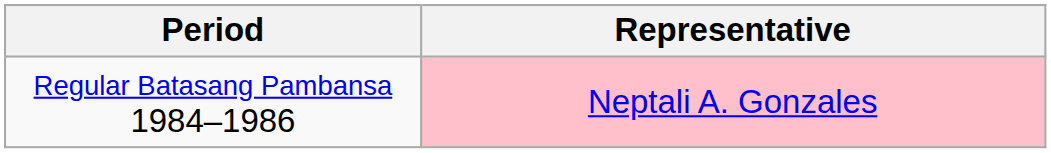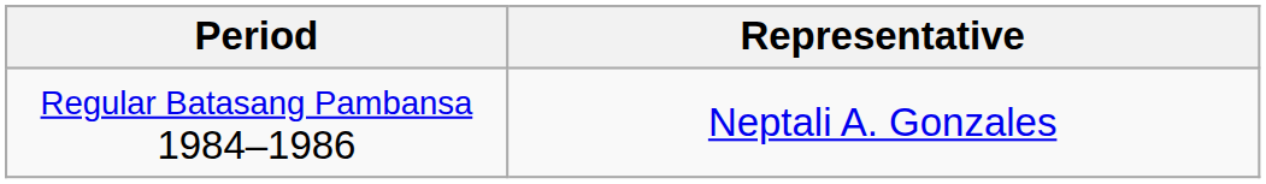 <table class="wikitable" style="text-align:center; width:40%;">
 <tr>
 <th width=40%>Period</th>
 <th>Representative</th>
 </tr>
 <tr>
 <td><small><a href='#'>Regular Batasang Pambansa</a></small><br>1984–1986</td>
-<td style="background: pink;"><a href='#'>Neptali A. Gonzales</a></td>
+<td><a href='#'>Neptali A. Gonzales</a></td>
 </tr>
 </table>
